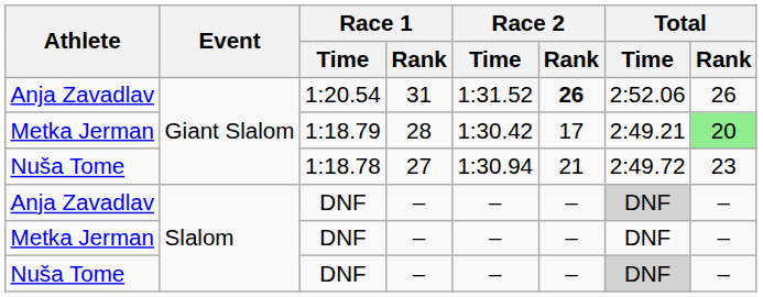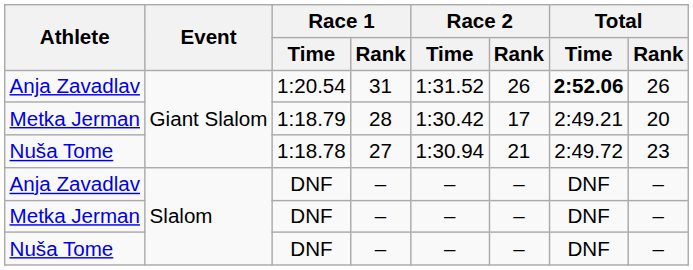 <table class="wikitable" style="font-size:90%">
 <tr>
 <th rowspan="2">Athlete</th>
 <th rowspan="2">Event</th>
 <th colspan="2">Race 1</th>
 <th colspan="2">Race 2</th>
 <th colspan="2">Total</th>
 </tr>
 <tr>
 <th>Time</th>
 <th>Rank</th>
 <th>Time</th>
 <th>Rank</th>
 <th>Time</th>
 <th>Rank</th>
 </tr>
 <tr>
 <td><a href='#'>Anja Zavadlav</a></td>
 <td rowspan="3">Giant Slalom</td>
 <td align="center">1:20.54</td>
 <td align="center">31</td>
 <td align="center">1:31.52</td>
-<td align="center"><strong>26</strong></td>
-<td align="center">2:52.06</td>
+<td align="center">26</td>
+<td align="center"><strong>2:52.06</strong></td>
 <td align="center">26</td>
 </tr>
 <tr>
 <td><a href='#'>Metka Jerman</a></td>
 <td align="center">1:18.79</td>
 <td align="center">28</td>
 <td align="center">1:30.42</td>
 <td align="center">17</td>
 <td align="center">2:49.21</td>
-<td align="center" style="background: lightgreen;">20</td>
+<td align="center">20</td>
 </tr>
 <tr>
 <td><a href='#'>Nuša Tome</a></td>
 <td align="center">1:18.78</td>
 <td align="center">27</td>
 <td align="center">1:30.94</td>
 <td align="center">21</td>
 <td align="center">2:49.72</td>
 <td align="center">23</td>
 </tr>
 <tr>
 <td><a href='#'>Anja Zavadlav</a></td>
 <td rowspan="3">Slalom</td>
 <td align="center">DNF</td>
 <td align="center">–</td>
 <td align="center">–</td>
 <td align="center">–</td>
-<td align="center" style="background: lightgrey;">DNF</td>
+<td align="center">DNF</td>
 <td align="center">–</td>
 </tr>
 <tr>
 <td><a href='#'>Metka Jerman</a></td>
 <td align="center">DNF</td>
 <td align="center">–</td>
 <td align="center">–</td>
 <td align="center">–</td>
 <td align="center">DNF</td>
 <td align="center">–</td>
 </tr>
 <tr>
 <td><a href='#'>Nuša Tome</a></td>
 <td align="center">DNF</td>
 <td align="center">–</td>
 <td align="center">–</td>
 <td align="center">–</td>
-<td align="center" style="background: lightgrey;">DNF</td>
+<td align="center">DNF</td>
 <td align="center">–</td>
 </tr>
 </table>
